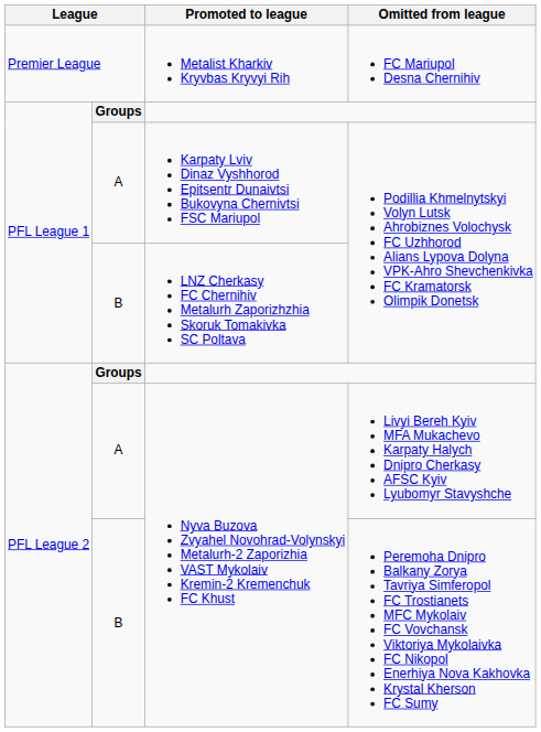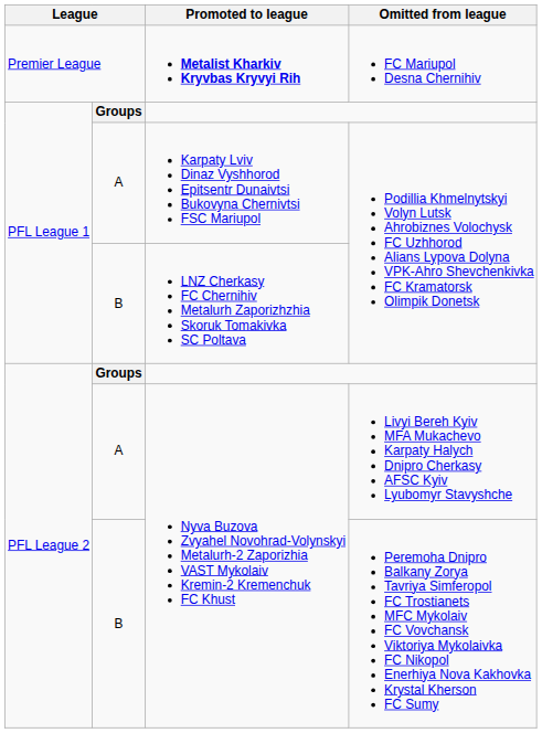 <table class="wikitable">
 <tr>
 <th colspan=2>League</th>
 <th>Promoted to league</th>
 <th>Omitted from league</th>
 </tr>
 <tr>
 <td colspan=2><a href='#'>Premier League</a></td>
-<td><br><ul><li><a href='#'>Metalist Kharkiv</a></li><li><a href='#'>Kryvbas Kryvyi Rih</a></li></ul></td>
+<td><strong><br><ul><li><a href='#'>Metalist Kharkiv</a></li><li><a href='#'>Kryvbas Kryvyi Rih</a></li></ul></strong></td>
 <td><br><ul><li><a href='#'>FC Mariupol</a></li><li><a href='#'>Desna Chernihiv</a></li></ul></td>
 </tr>
 <tr>
 <td rowspan=3><a href='#'>PFL League 1</a></td>
 <th>Groups</th>
 <td colspan=2></td>
 </tr>
 <tr>
 <td align=center>A</td>
 <td><br><ul><li><a href='#'>Karpaty Lviv</a></li><li><a href='#'>Dinaz Vyshhorod</a></li><li><a href='#'>Epitsentr Dunaivtsi</a></li><li><a href='#'>Bukovyna Chernivtsi</a></li><li><a href='#'>FSC Mariupol</a></li></ul></td>
 <td rowspan=2><br><ul><li><a href='#'>Podillia Khmelnytskyi</a></li><li><a href='#'>Volyn Lutsk</a></li><li><a href='#'>Ahrobiznes Volochysk</a></li><li><a href='#'>FC Uzhhorod</a></li><li><a href='#'>Alians Lypova Dolyna</a></li><li><a href='#'>VPK-Ahro Shevchenkivka</a></li><li><a href='#'>FC Kramatorsk</a></li><li><a href='#'>Olimpik Donetsk</a></li></ul></td>
 </tr>
 <tr>
 <td align=center>B</td>
 <td><br><ul><li><a href='#'>LNZ Cherkasy</a></li><li><a href='#'>FC Chernihiv</a></li><li><a href='#'>Metalurh Zaporizhzhia</a></li><li><a href='#'>Skoruk Tomakivka</a></li><li><a href='#'>SC Poltava</a></li></ul></td>
 </tr>
 <tr>
 <td rowspan=3><a href='#'>PFL League 2</a></td>
 <th>Groups</th>
 <td colspan=2></td>
 </tr>
 <tr>
 <td align=center>A</td>
 <td rowspan=2><br><ul><li><a href='#'>Nyva Buzova</a></li><li><a href='#'>Zvyahel Novohrad-Volynskyi</a></li><li><a href='#'>Metalurh-2 Zaporizhia</a></li><li><a href='#'>VAST Mykolaiv</a></li><li><a href='#'>Kremin-2 Kremenchuk</a></li><li><a href='#'>FC Khust</a></li></ul></td>
 <td><br><ul><li><a href='#'>Livyi Bereh Kyiv</a></li><li><a href='#'>MFA Mukachevo</a></li><li><a href='#'>Karpaty Halych</a></li><li><a href='#'>Dnipro Cherkasy</a></li><li><a href='#'>AFSC Kyiv</a></li><li><a href='#'>Lyubomyr Stavyshche</a></li></ul></td>
 </tr>
 <tr>
 <td align=center>B</td>
 <td><br><ul><li><a href='#'>Peremoha Dnipro</a></li><li><a href='#'>Balkany Zorya</a></li><li><a href='#'>Tavriya Simferopol</a></li><li><a href='#'>FC Trostianets</a></li><li><a href='#'>MFC Mykolaiv</a></li><li><a href='#'>FC Vovchansk</a></li><li><a href='#'>Viktoriya Mykolaivka</a></li><li><a href='#'>FC Nikopol</a></li><li><a href='#'>Enerhiya Nova Kakhovka</a></li><li><a href='#'>Krystal Kherson</a></li><li><a href='#'>FC Sumy</a></li></ul></td>
 </tr>
 </table>
